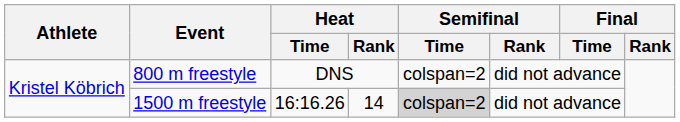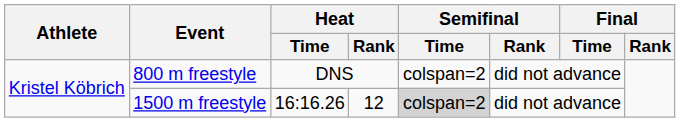 <table class=wikitable style="font-size:90%">
 <tr>
 <th rowspan="2">Athlete</th>
 <th rowspan="2">Event</th>
 <th colspan="2">Heat</th>
 <th colspan="2">Semifinal</th>
 <th colspan="2">Final</th>
 </tr>
 <tr style="font-size:95%">
 <th>Time</th>
 <th>Rank</th>
 <th>Time</th>
 <th>Rank</th>
 <th>Time</th>
 <th>Rank</th>
 </tr>
 <tr align=center>
 <td align=left rowspan=2><a href='#'>Kristel Köbrich</a></td>
 <td align=left><a href='#'>800 m freestyle</a></td>
 <td colspan=2>DNS</td>
 <td>colspan=2</td>
 <td colspan=2>did not advance</td>
 </tr>
 <tr align=center>
 <td align=left><a href='#'>1500 m freestyle</a></td>
 <td>16:16.26</td>
-<td>14</td>
+<td>12</td>
 <td style="background: lightgrey;">colspan=2</td>
 <td colspan=2>did not advance</td>
 </tr>
 </table>
